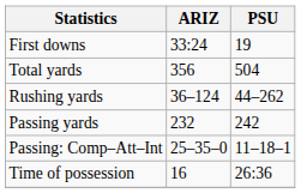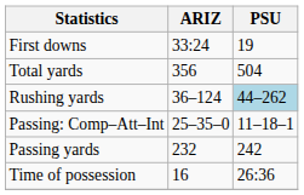 <table class="wikitable" style="float: left;">
 <tr>
 <th>Statistics</th>
 <th>ARIZ</th>
 <th>PSU</th>
 </tr>
 <tr>
 <td>First downs</td>
 <td>33:24</td>
 <td>19</td>
 </tr>
 <tr>
 <td>Total yards</td>
 <td>356</td>
 <td>504</td>
 </tr>
 <tr>
 <td>Rushing yards</td>
 <td>36–124</td>
-<td>44–262</td>
+<td style="background: lightblue;">44–262</td>
+</tr>
+<tr>
+<td>Passing: Comp–Att–Int</td>
+<td>25–35–0</td>
+<td>11–18–1</td>
 </tr>
 <tr>
 <td>Passing yards</td>
 <td>232</td>
 <td>242</td>
-</tr>
-<tr>
-<td>Passing: Comp–Att–Int</td>
-<td>25–35–0</td>
-<td>11–18–1</td>
 </tr>
 <tr>
 <td>Time of possession</td>
 <td>16</td>
 <td>26:36</td>
 </tr>
 <tr>
 </tr>
 </table>
